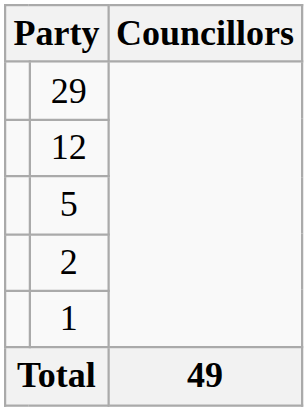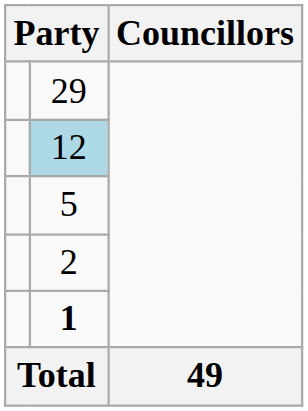 <table class="wikitable">
 <tr>
 <th colspan=2>Party</th>
 <th>Councillors</th>
 </tr>
 <tr>
 <td></td>
 <td align=center>29</td>
 </tr>
 <tr>
 <td></td>
-<td align=center>12</td>
+<td align=center style="background: lightblue;">12</td>
 </tr>
 <tr>
 <td></td>
 <td align=center>5</td>
 </tr>
 <tr>
 <td></td>
 <td align=center>2</td>
 </tr>
 <tr>
 <td></td>
-<td align=center>1</td>
+<td align=center><strong>1</strong></td>
 </tr>
 <tr>
 <th colspan=2>Total</th>
 <th align=center>49</th>
 </tr>
 </table>
